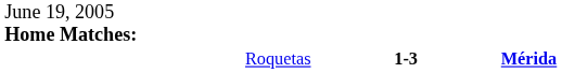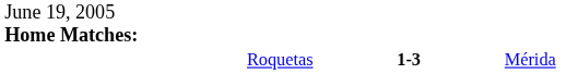 <table width=100% cellspacing=1>
 <tr>
 <th width=20%></th>
 <th width=12%></th>
 <th width=20%></th>
 <th></th>
 </tr>
 <tr>
 <td>June 19, 2005<br><strong>Home Matches:</strong></td>
 </tr>
 <tr style=font-size:90%>
 <td align=right><a href='#'>Roquetas</a></td>
 <td align=center><strong>1-3</strong></td>
-<td><strong><a href='#'>Mérida</a></strong></td>
+<td><a href='#'>Mérida</a></td>
 </tr>
 </table>
